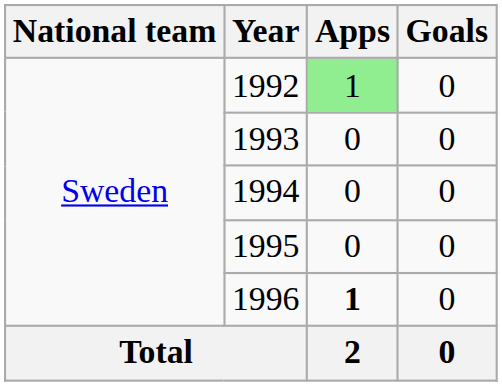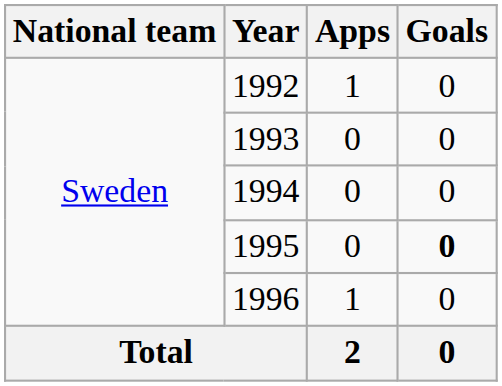 <table class="wikitable" style="text-align:center">
 <tr>
 <th>National team</th>
 <th>Year</th>
 <th>Apps</th>
 <th>Goals</th>
 </tr>
 <tr>
 <td rowspan="5"><a href='#'>Sweden</a></td>
 <td>1992</td>
-<td style="background: lightgreen;">1</td>
+<td>1</td>
 <td>0</td>
 </tr>
 <tr>
 <td>1993</td>
 <td>0</td>
 <td>0</td>
 </tr>
 <tr>
 <td>1994</td>
 <td>0</td>
 <td>0</td>
 </tr>
 <tr>
 <td>1995</td>
 <td>0</td>
-<td>0</td>
+<td><strong>0</strong></td>
 </tr>
 <tr>
 <td>1996</td>
-<td><strong>1</strong></td>
+<td>1</td>
 <td>0</td>
 </tr>
 <tr>
 <th colspan="2">Total</th>
 <th>2</th>
 <th>0</th>
 </tr>
 </table>
